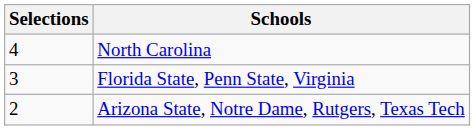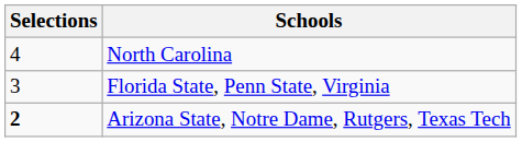 <table class="wikitable sortable" style="text-align:left">
 <tr>
 <th>Selections</th>
 <th class="unsortable">Schools</th>
 </tr>
 <tr>
 <td>4</td>
 <td><a href='#'>North Carolina</a></td>
 </tr>
 <tr>
 <td>3</td>
 <td><a href='#'>Florida State</a>, <a href='#'>Penn State</a>, <a href='#'>Virginia</a></td>
 </tr>
 <tr>
-<td>2</td>
+<td><strong>2</strong></td>
 <td><a href='#'>Arizona State</a>, <a href='#'>Notre Dame</a>, <a href='#'>Rutgers</a>, <a href='#'>Texas Tech</a></td>
 </tr>
 </table>
